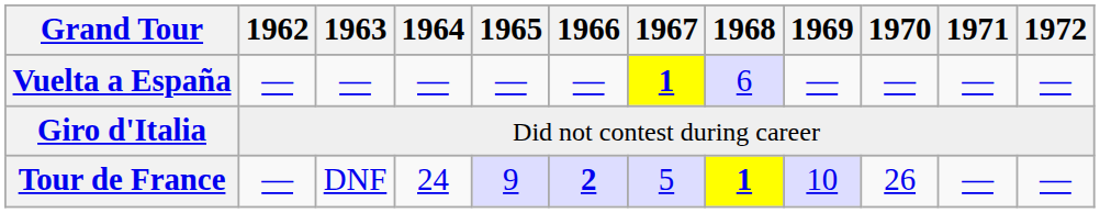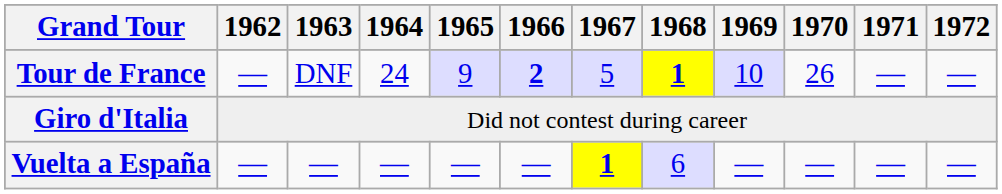 <table class="wikitable plainrowheaders">
 <tr>
 <th scope="col"><a href='#'>Grand Tour</a></th>
 <th scope="col">1962</th>
 <th scope="col">1963</th>
 <th scope="col">1964</th>
 <th scope="col">1965</th>
 <th scope="col">1966</th>
 <th scope="col">1967</th>
 <th scope="col">1968</th>
 <th scope="col">1969</th>
 <th scope="col">1970</th>
 <th scope="col">1971</th>
 <th scope="col">1972</th>
 </tr>
 <tr style="text-align:center;">
+<th scope="row"> <a href='#'>Tour de France</a></th>
+<td><a href='#'>—</a></td>
+<td><a href='#'>DNF</a></td>
+<td><a href='#'>24</a></td>
+<td style="background:#ddddff;"><a href='#'>9</a></td>
+<td style="background:#ddddff;"><a href='#'><strong>2</strong></a></td>
+<td style="background:#ddddff;"><a href='#'>5</a></td>
+<td style="background:yellow;"><a href='#'><strong>1</strong></a></td>
+<td style="background:#ddddff;"><a href='#'>10</a></td>
+<td><a href='#'>26</a></td>
+<td><a href='#'>—</a></td>
+<td><a href='#'>—</a></td>
+</tr>
+<tr style="text-align:center;">
+<th scope="row"> <a href='#'>Giro d'Italia</a></th>
+<td style="text-align:center; background:#efefef;" colspan=11><small>Did not contest during career</small></td>
+</tr>
+<tr style="text-align:center;">
 <th scope="row"> <a href='#'>Vuelta a España</a></th>
 <td><a href='#'>—</a></td>
 <td><a href='#'>—</a></td>
 <td><a href='#'>—</a></td>
 <td><a href='#'>—</a></td>
 <td><a href='#'>—</a></td>
 <td style="background:yellow;"><a href='#'><strong>1</strong></a></td>
 <td style="background:#ddddff;"><a href='#'>6</a></td>
 <td><a href='#'>—</a></td>
 <td><a href='#'>—</a></td>
 <td><a href='#'>—</a></td>
 <td><a href='#'>—</a></td>
 </tr>
-<tr style="text-align:center;">
-<th scope="row"> <a href='#'>Giro d'Italia</a></th>
-<td style="text-align:center; background:#efefef;" colspan=11><small>Did not contest during career</small></td>
-</tr>
-<tr style="text-align:center;">
-<th scope="row"> <a href='#'>Tour de France</a></th>
-<td><a href='#'>—</a></td>
-<td><a href='#'>DNF</a></td>
-<td><a href='#'>24</a></td>
-<td style="background:#ddddff;"><a href='#'>9</a></td>
-<td style="background:#ddddff;"><a href='#'><strong>2</strong></a></td>
-<td style="background:#ddddff;"><a href='#'>5</a></td>
-<td style="background:yellow;"><a href='#'><strong>1</strong></a></td>
-<td style="background:#ddddff;"><a href='#'>10</a></td>
-<td><a href='#'>26</a></td>
-<td><a href='#'>—</a></td>
-<td><a href='#'>—</a></td>
-</tr>
 </table>
